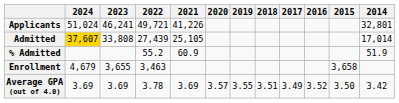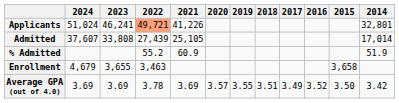 <table class="wikitable" style="text-align:center">
 <tr>
 <th></th>
 <th>2024<br></th>
 <th>2023<br></th>
 <th>2022<br></th>
 <th>2021<br></th>
 <th>2020<br></th>
 <th>2019<br></th>
 <th>2018<br></th>
 <th>2017<br></th>
 <th>2016<br></th>
 <th>2015<br></th>
 <th>2014</th>
 </tr>
 <tr>
 <th>Applicants</th>
 <td>51,024</td>
 <td>46,241</td>
-<td>49,721</td>
+<td style="background: lightsalmon;">49,721</td>
 <td>41,226</td>
 <td></td>
 <td></td>
 <td></td>
 <td></td>
 <td></td>
 <td></td>
 <td>32,801</td>
 </tr>
 <tr>
 <th>Admitted</th>
-<td style="background: gold;">37,607</td>
+<td>37,607</td>
 <td>33,808</td>
 <td>27,439</td>
 <td>25,105</td>
 <td></td>
 <td></td>
 <td></td>
 <td></td>
 <td></td>
 <td></td>
 <td>17,014</td>
 </tr>
 <tr>
 <th>% Admitted</th>
 <td></td>
 <td></td>
 <td>55.2</td>
 <td>60.9</td>
 <td></td>
 <td></td>
 <td></td>
 <td></td>
 <td></td>
 <td></td>
 <td>51.9</td>
 </tr>
 <tr>
 <th>Enrollment</th>
 <td>4,679</td>
 <td>3,655</td>
 <td>3,463</td>
 <td></td>
 <td></td>
 <td></td>
 <td></td>
 <td></td>
 <td></td>
 <td>3,658</td>
 </tr>
 <tr>
 <th>Average GPA<br><small>(out of 4.0)</small></th>
 <td>3.69</td>
 <td>3.69</td>
 <td>3.78</td>
 <td>3.69</td>
 <td>3.57</td>
 <td>3.55</td>
 <td>3.51</td>
 <td>3.49</td>
 <td>3.52</td>
 <td>3.50</td>
 <td>3.42</td>
 </tr>
 </table>
